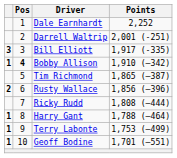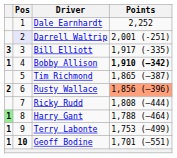 <table class="wikitable" style="font-size: 95%;">
 <tr>
 <th></th>
 <th>Pos</th>
 <th>Driver</th>
 <th>Points</th>
 </tr>
 <tr>
 <td align="left"></td>
 <td style="text-align:center;">1</td>
 <td><a href='#'>Dale Earnhardt</a></td>
 <td style="text-align:center;">2,252</td>
 </tr>
 <tr>
 <td align="left"></td>
-<td style="text-align:center;">2</td>
+<td style="background: lavender; text-align:center;">2</td>
 <td><a href='#'>Darrell Waltrip</a></td>
 <td style="text-align:center;">2,001 (-251)</td>
 </tr>
 <tr>
 <td align="left">  <strong>3</strong></td>
 <td style="text-align:center;">3</td>
 <td><a href='#'>Bill Elliott</a></td>
 <td style="text-align:center;">1,917 (-335)</td>
 </tr>
 <tr>
 <td align="left">  <strong>1</strong></td>
-<td style="text-align:center;"><strong>4</strong></td>
+<td style="text-align:center;">4</td>
 <td><a href='#'>Bobby Allison</a></td>
-<td style="text-align:center;">1,910 (–342)</td>
+<td style="text-align:center;"><strong>1,910 (–342)</strong></td>
 </tr>
 <tr>
 <td align="left"></td>
 <td style="text-align:center;">5</td>
 <td><a href='#'>Tim Richmond</a></td>
 <td style="text-align:center;">1,865 (–387)</td>
 </tr>
 <tr>
 <td align="left">  <strong>2</strong></td>
 <td style="text-align:center;">6</td>
 <td><a href='#'>Rusty Wallace</a></td>
-<td style="text-align:center;">1,856 (–396)</td>
+<td style="background: lightsalmon; text-align:center;">1,856 (–396)</td>
 </tr>
 <tr>
 <td align="left"></td>
 <td style="text-align:center;">7</td>
 <td><a href='#'>Ricky Rudd</a></td>
 <td style="text-align:center;">1,808 (–444)</td>
 </tr>
 <tr>
-<td align="left">  <strong>1</strong></td>
+<td align="left" style="background: lightgreen;">  <strong>1</strong></td>
 <td style="text-align:center;">8</td>
 <td><a href='#'>Harry Gant</a></td>
 <td style="text-align:center;">1,788 (–464)</td>
 </tr>
 <tr>
 <td align="left">  <strong>1</strong></td>
 <td style="text-align:center;">9</td>
 <td><a href='#'>Terry Labonte</a></td>
 <td style="text-align:center;">1,753 (–499)</td>
 </tr>
 <tr>
 <td align="left">  <strong>1</strong></td>
-<td style="text-align:center;">10</td>
+<td style="text-align:center;"><strong>10</strong></td>
 <td><a href='#'>Geoff Bodine</a></td>
 <td style="text-align:center;">1,701 (–551)</td>
 </tr>
 <tr class="sortbottom">
 <th colspan="9"></th>
 </tr>
 </table>
